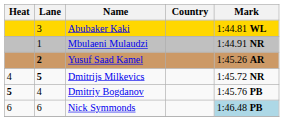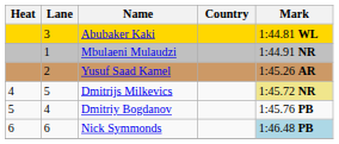 <table class="wikitable" width=70%>
 <tr>
 <th>Heat</th>
 <th>Lane</th>
 <th>Name</th>
 <th>Country</th>
 <th>Mark</th>
 </tr>
 <tr bgcolor=gold>
 <td></td>
 <td>3</td>
 <td><a href='#'>Abubaker Kaki</a></td>
 <td></td>
 <td>1:44.81 <strong>WL</strong></td>
 </tr>
 <tr bgcolor=silver>
 <td></td>
 <td>1</td>
 <td><a href='#'>Mbulaeni Mulaudzi</a></td>
 <td></td>
 <td>1:44.91 <strong>NR</strong></td>
 </tr>
 <tr bgcolor=cc9966>
 <td></td>
-<td><strong>2</strong></td>
+<td>2</td>
 <td><a href='#'>Yusuf Saad Kamel</a></td>
 <td></td>
 <td>1:45.26 <strong>AR</strong></td>
 </tr>
 <tr>
 <td>4</td>
-<td><strong>5</strong></td>
+<td>5</td>
 <td><a href='#'>Dmitrijs Milkevics</a></td>
 <td></td>
-<td>1:45.72 <strong>NR</strong></td>
+<td style="background: khaki;">1:45.72 <strong>NR</strong></td>
 </tr>
 <tr>
-<td><strong>5</strong></td>
+<td>5</td>
 <td>4</td>
 <td><a href='#'>Dmitriy Bogdanov</a></td>
 <td></td>
 <td>1:45.76 <strong>PB</strong></td>
 </tr>
 <tr>
 <td>6</td>
 <td>6</td>
 <td><a href='#'>Nick Symmonds</a></td>
 <td></td>
 <td style="background: lightblue;">1:46.48 <strong>PB</strong></td>
 </tr>
 <tr>
 </tr>
 </table>
